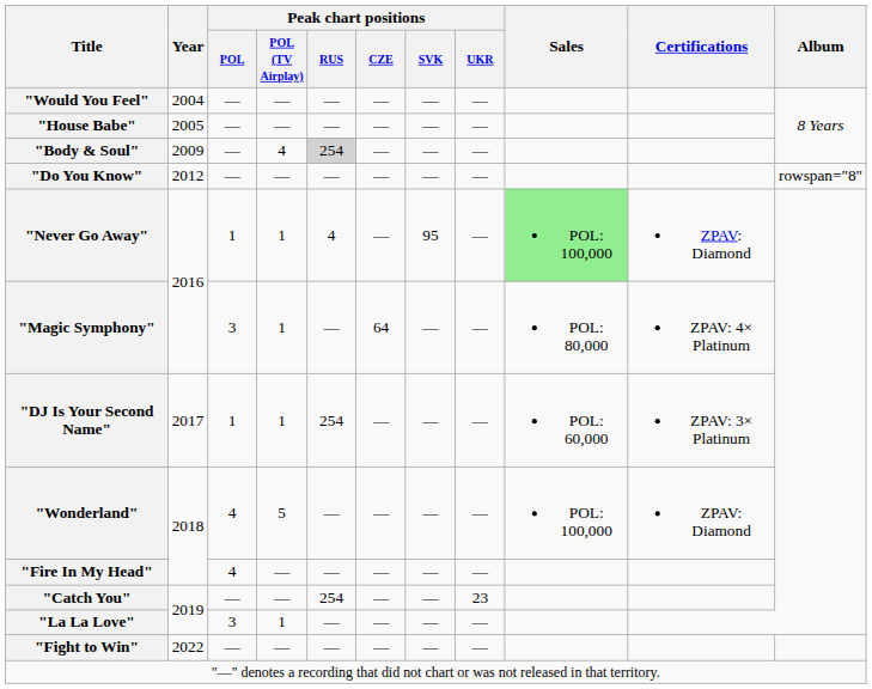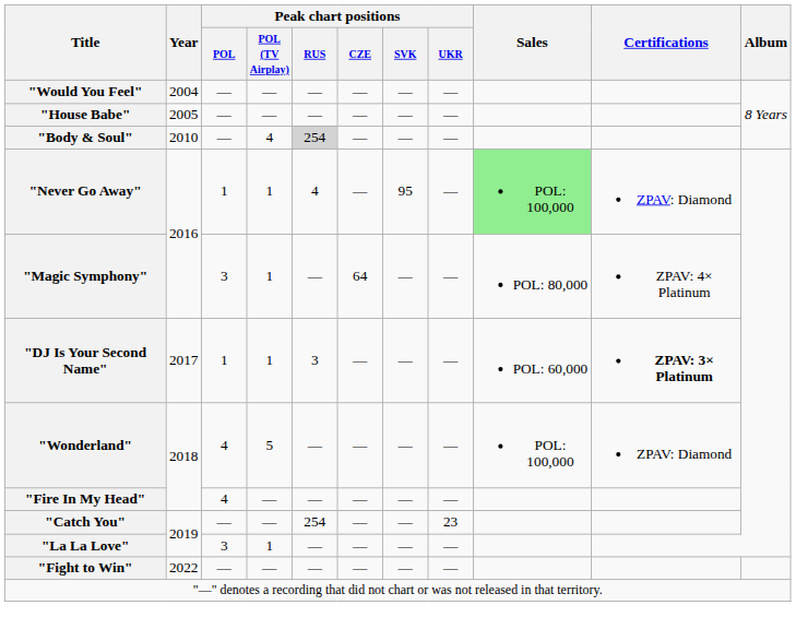 <table class="wikitable plainrowheaders" style="text-align:center;">
 <tr>
 <th scope="col" rowspan=2>Title</th>
 <th scope="col" rowspan=2>Year</th>
 <th scope="col" colspan=6>Peak chart positions</th>
 <th scope="col" rowspan=2>Sales</th>
 <th scope="col" rowspan=2><a href='#'>Certifications</a></th>
 <th scope="col" rowspan=2>Album</th>
 </tr>
 <tr>
 <th scope="col" style="width:3em;font-size:90%;"><small><a href='#'>POL</a></small><br></th>
 <th scope="col" style="width:3em;font-size:90%;"><small><a href='#'>POL (TV Airplay)</a></small><br></th>
 <th scope="col" style="width:3em;font-size:90%;"><small><a href='#'>RUS</a></small><br></th>
 <th scope="col" style="width:3em;font-size:90%;"><small><a href='#'>CZE</a></small><br></th>
 <th scope="col" style="width:3em;font-size:90%;"><small><a href='#'>SVK</a></small><br></th>
 <th scope="col" style="width:3em;font-size:90%;"><small><a href='#'>UKR</a></small><br></th>
 </tr>
 <tr>
 <th scope="row">"Would You Feel"<br></th>
 <td>2004<br></td>
 <td>—</td>
 <td>—</td>
 <td>—</td>
 <td>—</td>
 <td>—</td>
 <td>—</td>
 <td></td>
 <td></td>
 <td rowspan="3"><em>8 Years</em></td>
 </tr>
 <tr>
 <th scope="row">"House Babe"<br></th>
 <td>2005<br></td>
 <td>—</td>
 <td>—</td>
 <td>—</td>
 <td>—</td>
 <td>—</td>
 <td>—</td>
 <td></td>
 <td></td>
 </tr>
 <tr>
 <th scope="row">"Body & Soul"<br></th>
-<td>2009</td>
+<td>2010</td>
 <td>—</td>
 <td>4</td>
 <td style="background: lightgrey;">254</td>
 <td>—</td>
 <td>—</td>
 <td>—</td>
 <td></td>
 <td></td>
-</tr>
-<tr>
-<th scope="row">"Do You Know"<br></th>
-<td>2012</td>
-<td>—</td>
-<td>—</td>
-<td>—</td>
-<td>—</td>
-<td>—</td>
-<td>—</td>
-<td></td>
-<td></td>
-<td>rowspan="8" </td>
 </tr>
 <tr>
 <th scope="row">"Never Go Away"<br></th>
 <td rowspan="2">2016</td>
 <td>1</td>
 <td>1</td>
 <td>4</td>
 <td>—</td>
 <td>95</td>
 <td>—</td>
 <td style="background: lightgreen;"><br><ul><li>POL: 100,000</li></ul></td>
 <td><br><ul><li><a href='#'>ZPAV</a>: Diamond</li></ul></td>
 </tr>
 <tr>
 <th scope="row">"Magic Symphony"<br></th>
 <td>3</td>
 <td>1</td>
 <td>—</td>
 <td>64</td>
 <td>—</td>
 <td>—</td>
 <td><br><ul><li>POL: 80,000</li></ul></td>
 <td><br><ul><li>ZPAV: 4× Platinum</li></ul></td>
 </tr>
 <tr>
 <th scope="row">"DJ Is Your Second Name"<br></th>
 <td>2017</td>
 <td>1</td>
 <td>1</td>
-<td>254</td>
+<td>3</td>
 <td>—</td>
 <td>—</td>
 <td>—</td>
 <td><br><ul><li>POL: 60,000</li></ul></td>
-<td><br><ul><li>ZPAV: 3× Platinum</li></ul></td>
+<td><strong><br><ul><li>ZPAV: 3× Platinum</li></ul></strong></td>
 </tr>
 <tr>
 <th scope="row">"Wonderland"<br></th>
 <td rowspan="2">2018</td>
 <td>4</td>
 <td>5</td>
 <td>—</td>
 <td>—</td>
 <td>—</td>
 <td>—</td>
 <td><br><ul><li>POL: 100,000</li></ul></td>
 <td><br><ul><li>ZPAV: Diamond</li></ul></td>
 </tr>
 <tr>
 <th scope="row">"Fire In My Head"<br></th>
 <td>4</td>
 <td>—</td>
 <td>—</td>
 <td>—</td>
 <td>—</td>
 <td>—</td>
 <td></td>
 <td></td>
 </tr>
 <tr>
 <th scope="row">"Catch You"<br></th>
 <td rowspan="2">2019</td>
 <td>—</td>
 <td>—</td>
 <td>254</td>
 <td>—</td>
 <td>—</td>
 <td>23</td>
 <td></td>
 <td></td>
 </tr>
 <tr>
 <th scope="row">"La La Love"<br></th>
 <td>3</td>
 <td>1</td>
 <td>—</td>
 <td>—</td>
 <td>—</td>
 <td>—</td>
 <td></td>
 </tr>
 <tr>
 <th scope="row">"Fight to Win"<br></th>
 <td>2022</td>
 <td>—</td>
 <td>—</td>
 <td>—</td>
 <td>—</td>
 <td>—</td>
 <td>—</td>
 <td></td>
 <td></td>
 <td></td>
 </tr>
 <tr Album>
 <td colspan="11" style="font-size:90%">"—" denotes a recording that did not chart or was not released in that territory.</td>
 </tr>
 </table>
